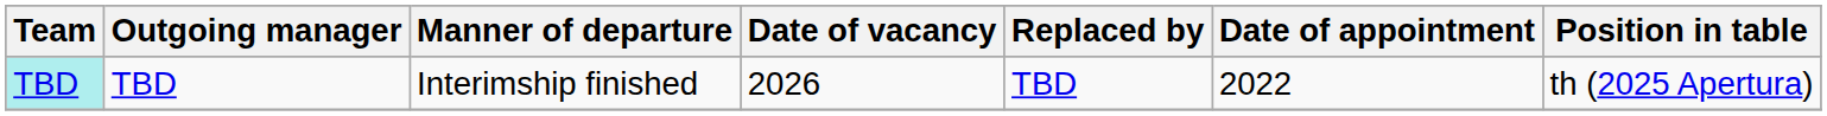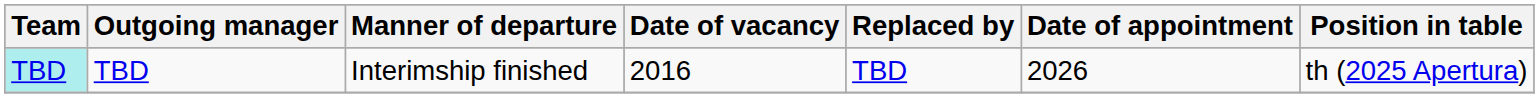 <table class="wikitable">
 <tr>
 <th>Team</th>
 <th>Outgoing manager</th>
 <th>Manner of departure</th>
 <th>Date of vacancy</th>
 <th>Replaced by</th>
 <th>Date of appointment</th>
 <th>Position in table</th>
 </tr>
 <tr>
 <td style="background: paleturquoise;"><a href='#'>TBD</a></td>
 <td> <a href='#'>TBD</a></td>
 <td>Interimship finished</td>
+<td>2016</td>
+<td> <a href='#'>TBD</a></td>
 <td>2026</td>
-<td> <a href='#'>TBD</a></td>
-<td>2022</td>
 <td>th (<a href='#'>2025 Apertura</a>)</td>
 </tr>
 <tr>
 </tr>
 </table>
